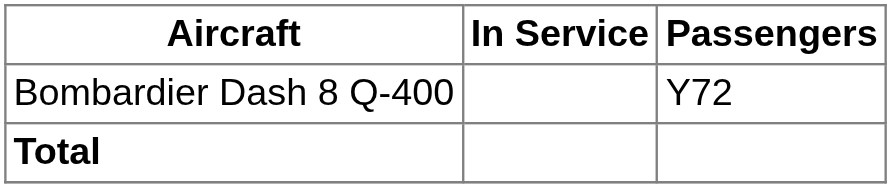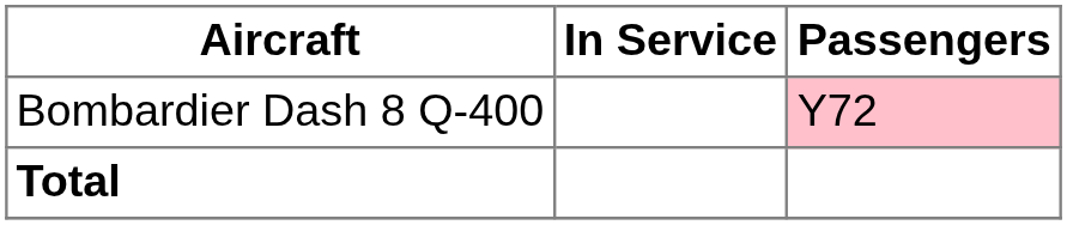 <table class="toccolours sortable" border="1" cellpadding="3" style="border-collapse:collapse;margin:auto;">
 <tr>
 <th>Aircraft</th>
 <th>In Service</th>
 <th>Passengers</th>
 </tr>
 <tr>
 <td>Bombardier Dash 8 Q-400</td>
 <td></td>
-<td>Y72</td>
+<td style="background: pink;">Y72</td>
 </tr>
 <tr>
 <td><strong>Total</strong></td>
 <td></td>
 <td></td>
 </tr>
 <tr>
 </tr>
 </table>
